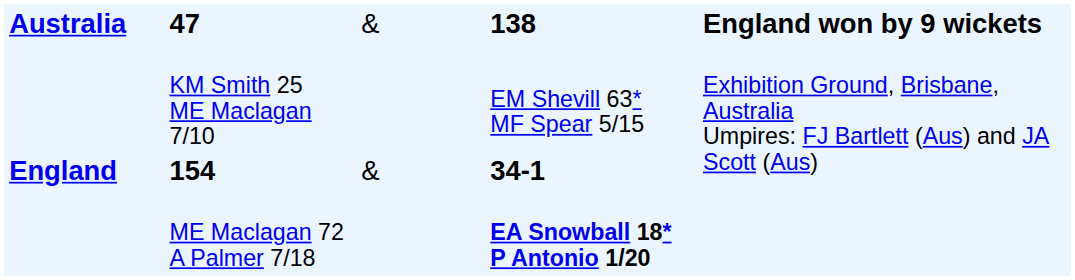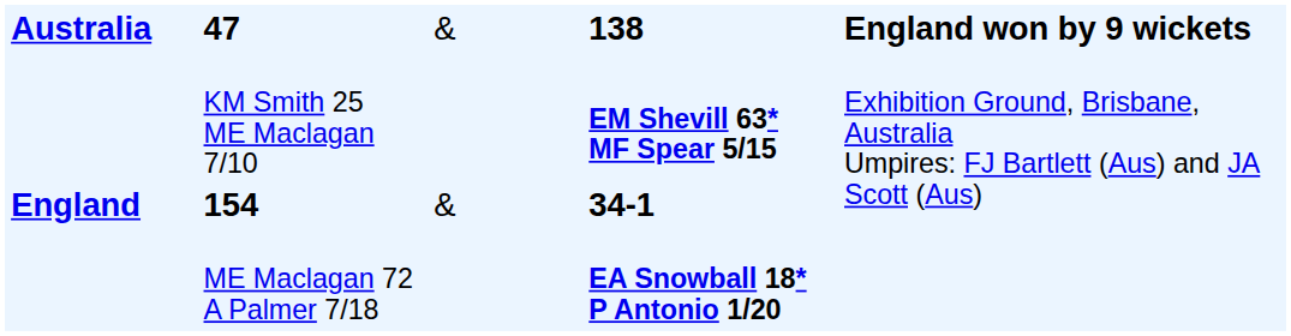 <table width="100%" style="background: #EBF5FF">
 <tr>
 <td width="15%" valign="top" rowspan="2"> <strong><a href='#'>Australia</a></strong></td>
 <td width="18%"><strong>47</strong></td>
 <td width="12%">&</td>
 <td width="20%"><strong>138</strong></td>
 <td width="35%"><strong>England won by 9 wickets</strong></td>
 </tr>
 <tr>
 <td style="font-size: 85%;" valign="top"><br><a href='#'>KM Smith</a> 25<br> <a href='#'>ME Maclagan</a> 7/10</td>
 <td></td>
-<td style="font-size: 85%;"><br><a href='#'>EM Shevill</a> 63<a href='#'>*</a><br> <a href='#'>MF Spear</a> 5/15</td>
+<td style="font-size: 85%;"><strong><br><a href='#'>EM Shevill</a> 63<a href='#'>*</a><br> <a href='#'>MF Spear</a> 5/15</strong></td>
 <td valign="top" style="font-size: 85%;" rowspan="3"><br><a href='#'>Exhibition Ground</a>, <a href='#'>Brisbane</a>, <a href='#'>Australia</a><br> Umpires: <a href='#'>FJ Bartlett</a> (<a href='#'>Aus</a>) and <a href='#'>JA Scott</a> (<a href='#'>Aus</a>)<br></td>
 </tr>
 <tr>
 <td valign="top" rowspan="2"> <strong><a href='#'>England</a></strong></td>
 <td><strong>154</strong></td>
 <td>&</td>
 <td><strong>34-1</strong></td>
 </tr>
 <tr>
 <td style="font-size: 85%;"><br><a href='#'>ME Maclagan</a> 72<br> <a href='#'>A Palmer</a> 7/18</td>
 <td></td>
 <td valign="top" style="font-size: 85%;"><strong><br><a href='#'>EA Snowball</a> 18<a href='#'>*</a><br> <a href='#'>P Antonio</a> 1/20</strong></td>
 </tr>
 </table>
